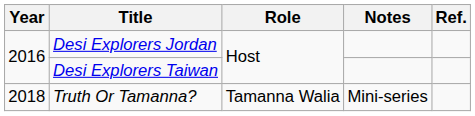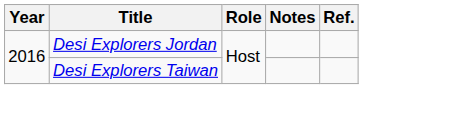 <table class="wikitable sortable">
 <tr>
 <th>Year</th>
 <th>Title</th>
 <th>Role</th>
 <th>Notes</th>
 <th>Ref.</th>
 </tr>
 <tr>
 <td rowspan=2>2016</td>
 <td><em><a href='#'>Desi Explorers Jordan</a></em></td>
 <td rowspan=2>Host</td>
 <td></td>
 <td></td>
 </tr>
 <tr>
 <td><em><a href='#'>Desi Explorers Taiwan</a></em></td>
 <td></td>
 <td></td>
 </tr>
-<tr>
-<td>2018</td>
-<td><em>Truth Or Tamanna?</em></td>
-<td>Tamanna Walia</td>
-<td>Mini-series</td>
-<td></td>
-</tr>
 </table>
